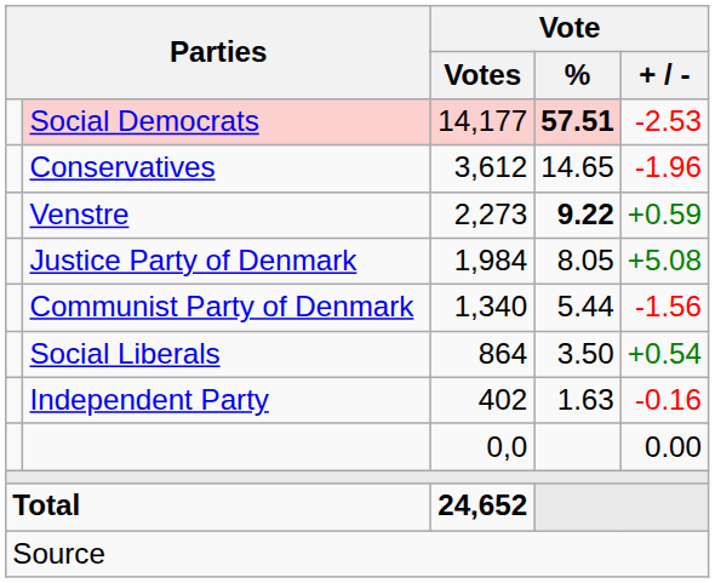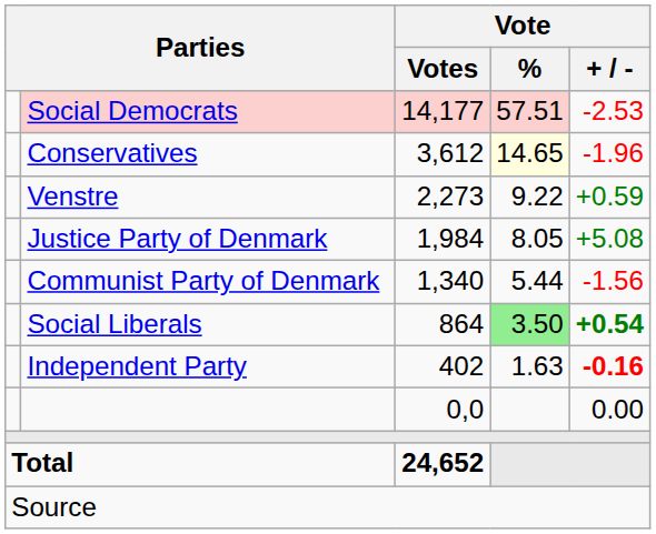 <table class="wikitable" style="text-align:right;">
 <tr>
 <th style="text-align:centre;" rowspan="2" colspan="2" width="225">Parties</th>
 <th colspan="3">Vote</th>
 </tr>
 <tr>
 <th width="15">Votes</th>
 <th width="15">%</th>
 <th width="15">+ / -</th>
 </tr>
 <tr>
 <td width="2" style="color:inherit;background:"></td>
 <td bgcolor=#fbd0ce  align="left"><a href='#'>Social Democrats</a></td>
 <td bgcolor=#fbd0ce>14,177</td>
-<td bgcolor=#fbd0ce><strong>57.51</strong></td>
+<td bgcolor=#fbd0ce>57.51</td>
 <td style=color:red;>-2.53</td>
 </tr>
 <tr>
 <td width="2" style="color:inherit;background:"></td>
 <td align="left"><a href='#'>Conservatives</a></td>
 <td>3,612</td>
-<td>14.65</td>
+<td style="background: lightyellow;">14.65</td>
 <td style=color:red;>-1.96</td>
 </tr>
 <tr>
 <td width="2" style="color:inherit;background:"></td>
 <td align="left"><a href='#'>Venstre</a></td>
 <td>2,273</td>
-<td><strong>9.22</strong></td>
+<td>9.22</td>
 <td style=color:green;>+0.59</td>
 </tr>
 <tr>
 <td width="2" style="color:inherit;background:"></td>
 <td align="left"><a href='#'>Justice Party of Denmark</a></td>
 <td>1,984</td>
 <td>8.05</td>
 <td style=color:green;>+5.08</td>
 </tr>
 <tr>
 <td width="2" style="color:inherit;background:"></td>
 <td align="left"><a href='#'>Communist Party of Denmark</a></td>
 <td>1,340</td>
 <td>5.44</td>
 <td style=color:red;>-1.56</td>
 </tr>
 <tr>
 <td width="2" style="color:inherit;background:"></td>
 <td align="left"><a href='#'>Social Liberals</a></td>
 <td>864</td>
-<td>3.50</td>
-<td style=color:green;>+0.54</td>
+<td style="background: lightgreen;">3.50</td>
+<td style=color:green;><strong>+0.54</strong></td>
 </tr>
 <tr>
 <td width="2" style="color:inherit;background:"></td>
 <td align="left"><a href='#'>Independent Party</a></td>
 <td>402</td>
 <td>1.63</td>
-<td style=color:red;>-0.16</td>
+<td style=color:red;><strong>-0.16</strong></td>
 </tr>
 <tr>
 <td width="2" style="color:inherit;background:"></td>
 <td align="left"></td>
 <td>0,0</td>
 <td></td>
 <td>0.00</td>
 </tr>
 <tr>
 <td colspan="7" bgcolor="#E9E9E9"></td>
 </tr>
 <tr>
 <td align="left" colspan="2"><strong>Total</strong></td>
 <td><strong>24,652</strong></td>
 <td bgcolor="#E9E9E9" colspan="2"></td>
 </tr>
 <tr>
 <td align="left" colspan="6">Source</td>
 </tr>
 </table>
